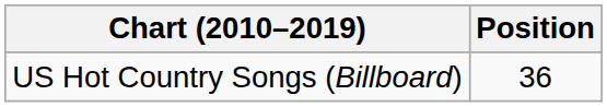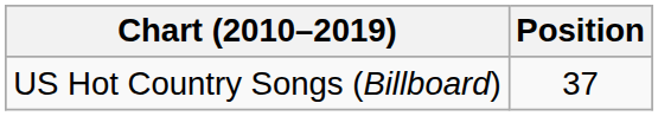 <table class="wikitable">
 <tr>
 <th>Chart (2010–2019)</th>
 <th>Position</th>
 </tr>
 <tr>
 <td>US Hot Country Songs (<em>Billboard</em>)</td>
-<td style="text-align:center;">36</td>
+<td style="text-align:center;">37</td>
 </tr>
 </table>
